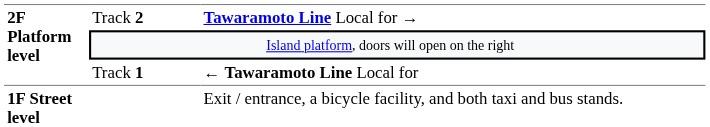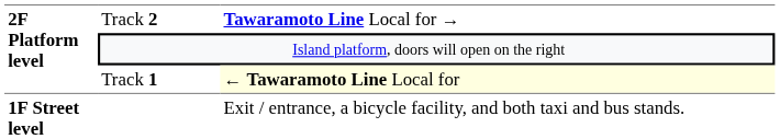 <table border=0 cellspacing=0 cellpadding=3>
 <tr>
 <td style="border-top: 1px solid gray;" width=75 rowspan=3 valign=top><strong>2F Platform level</strong></td>
 <td style="border-top: 1px solid gray;" width=100>Track <strong>2</strong></td>
 <td style="border-top: 1px solid gray;" width=475> <strong><a href='#'>Tawaramoto Line</a></strong>  Local for  →</td>
 </tr>
 <tr>
 <td style="border-top: 2px solid black;border-right: 2px solid black;border-left: 2px solid black;border-bottom: 2px solid black;background-color:#f8f9fa;text-align:center;" colspan=2><small><a href='#'>Island platform</a>, doors will open on the right    </small></td>
 </tr>
 <tr>
 <td style="">Track <strong>1</strong></td>
-<td style="">←  <strong>Tawaramoto Line</strong>  Local for </td>
+<td style="background: lightyellow; ">←  <strong>Tawaramoto Line</strong>  Local for </td>
 </tr>
 <tr>
 <td style="border-top: 1px solid gray;" valign=top width=75><strong>1F Street level</strong></td>
 <td style="border-top: 1px solid gray;" valign=top width=100></td>
 <td style="border-top: 1px solid gray;" valign=top width=475>Exit / entrance, a bicycle facility, and both taxi and bus stands.</td>
 </tr>
 </table>
